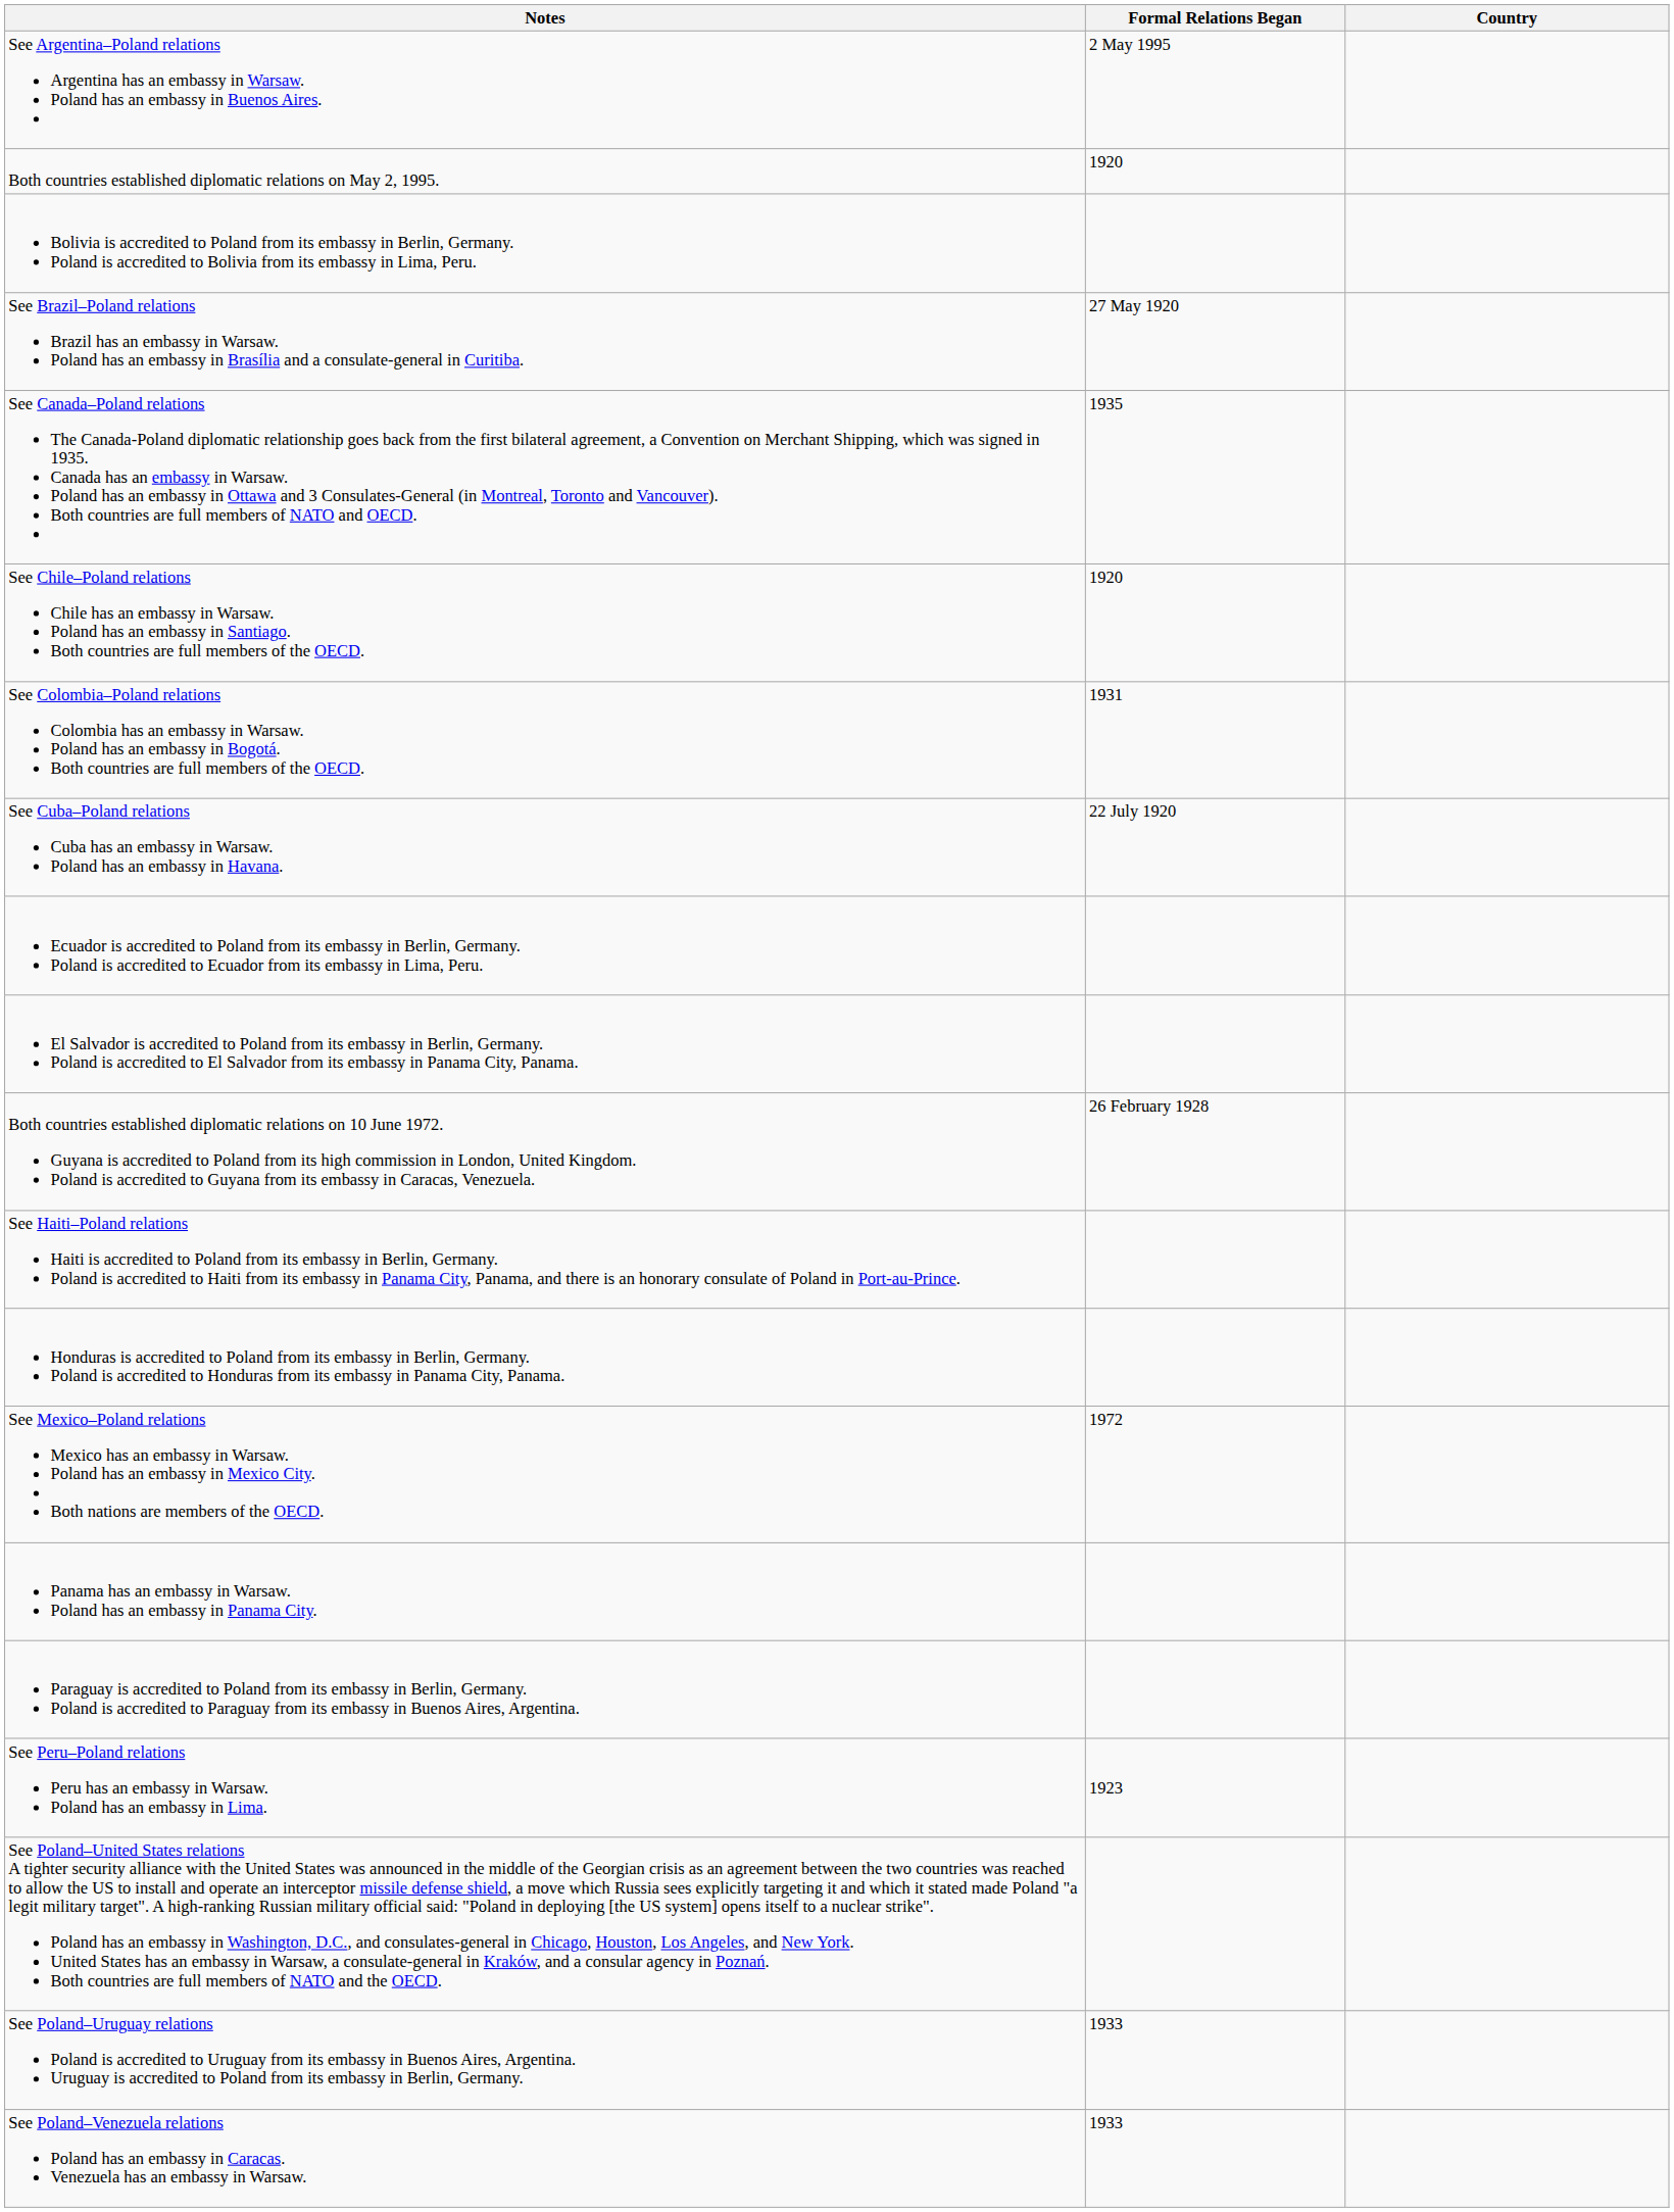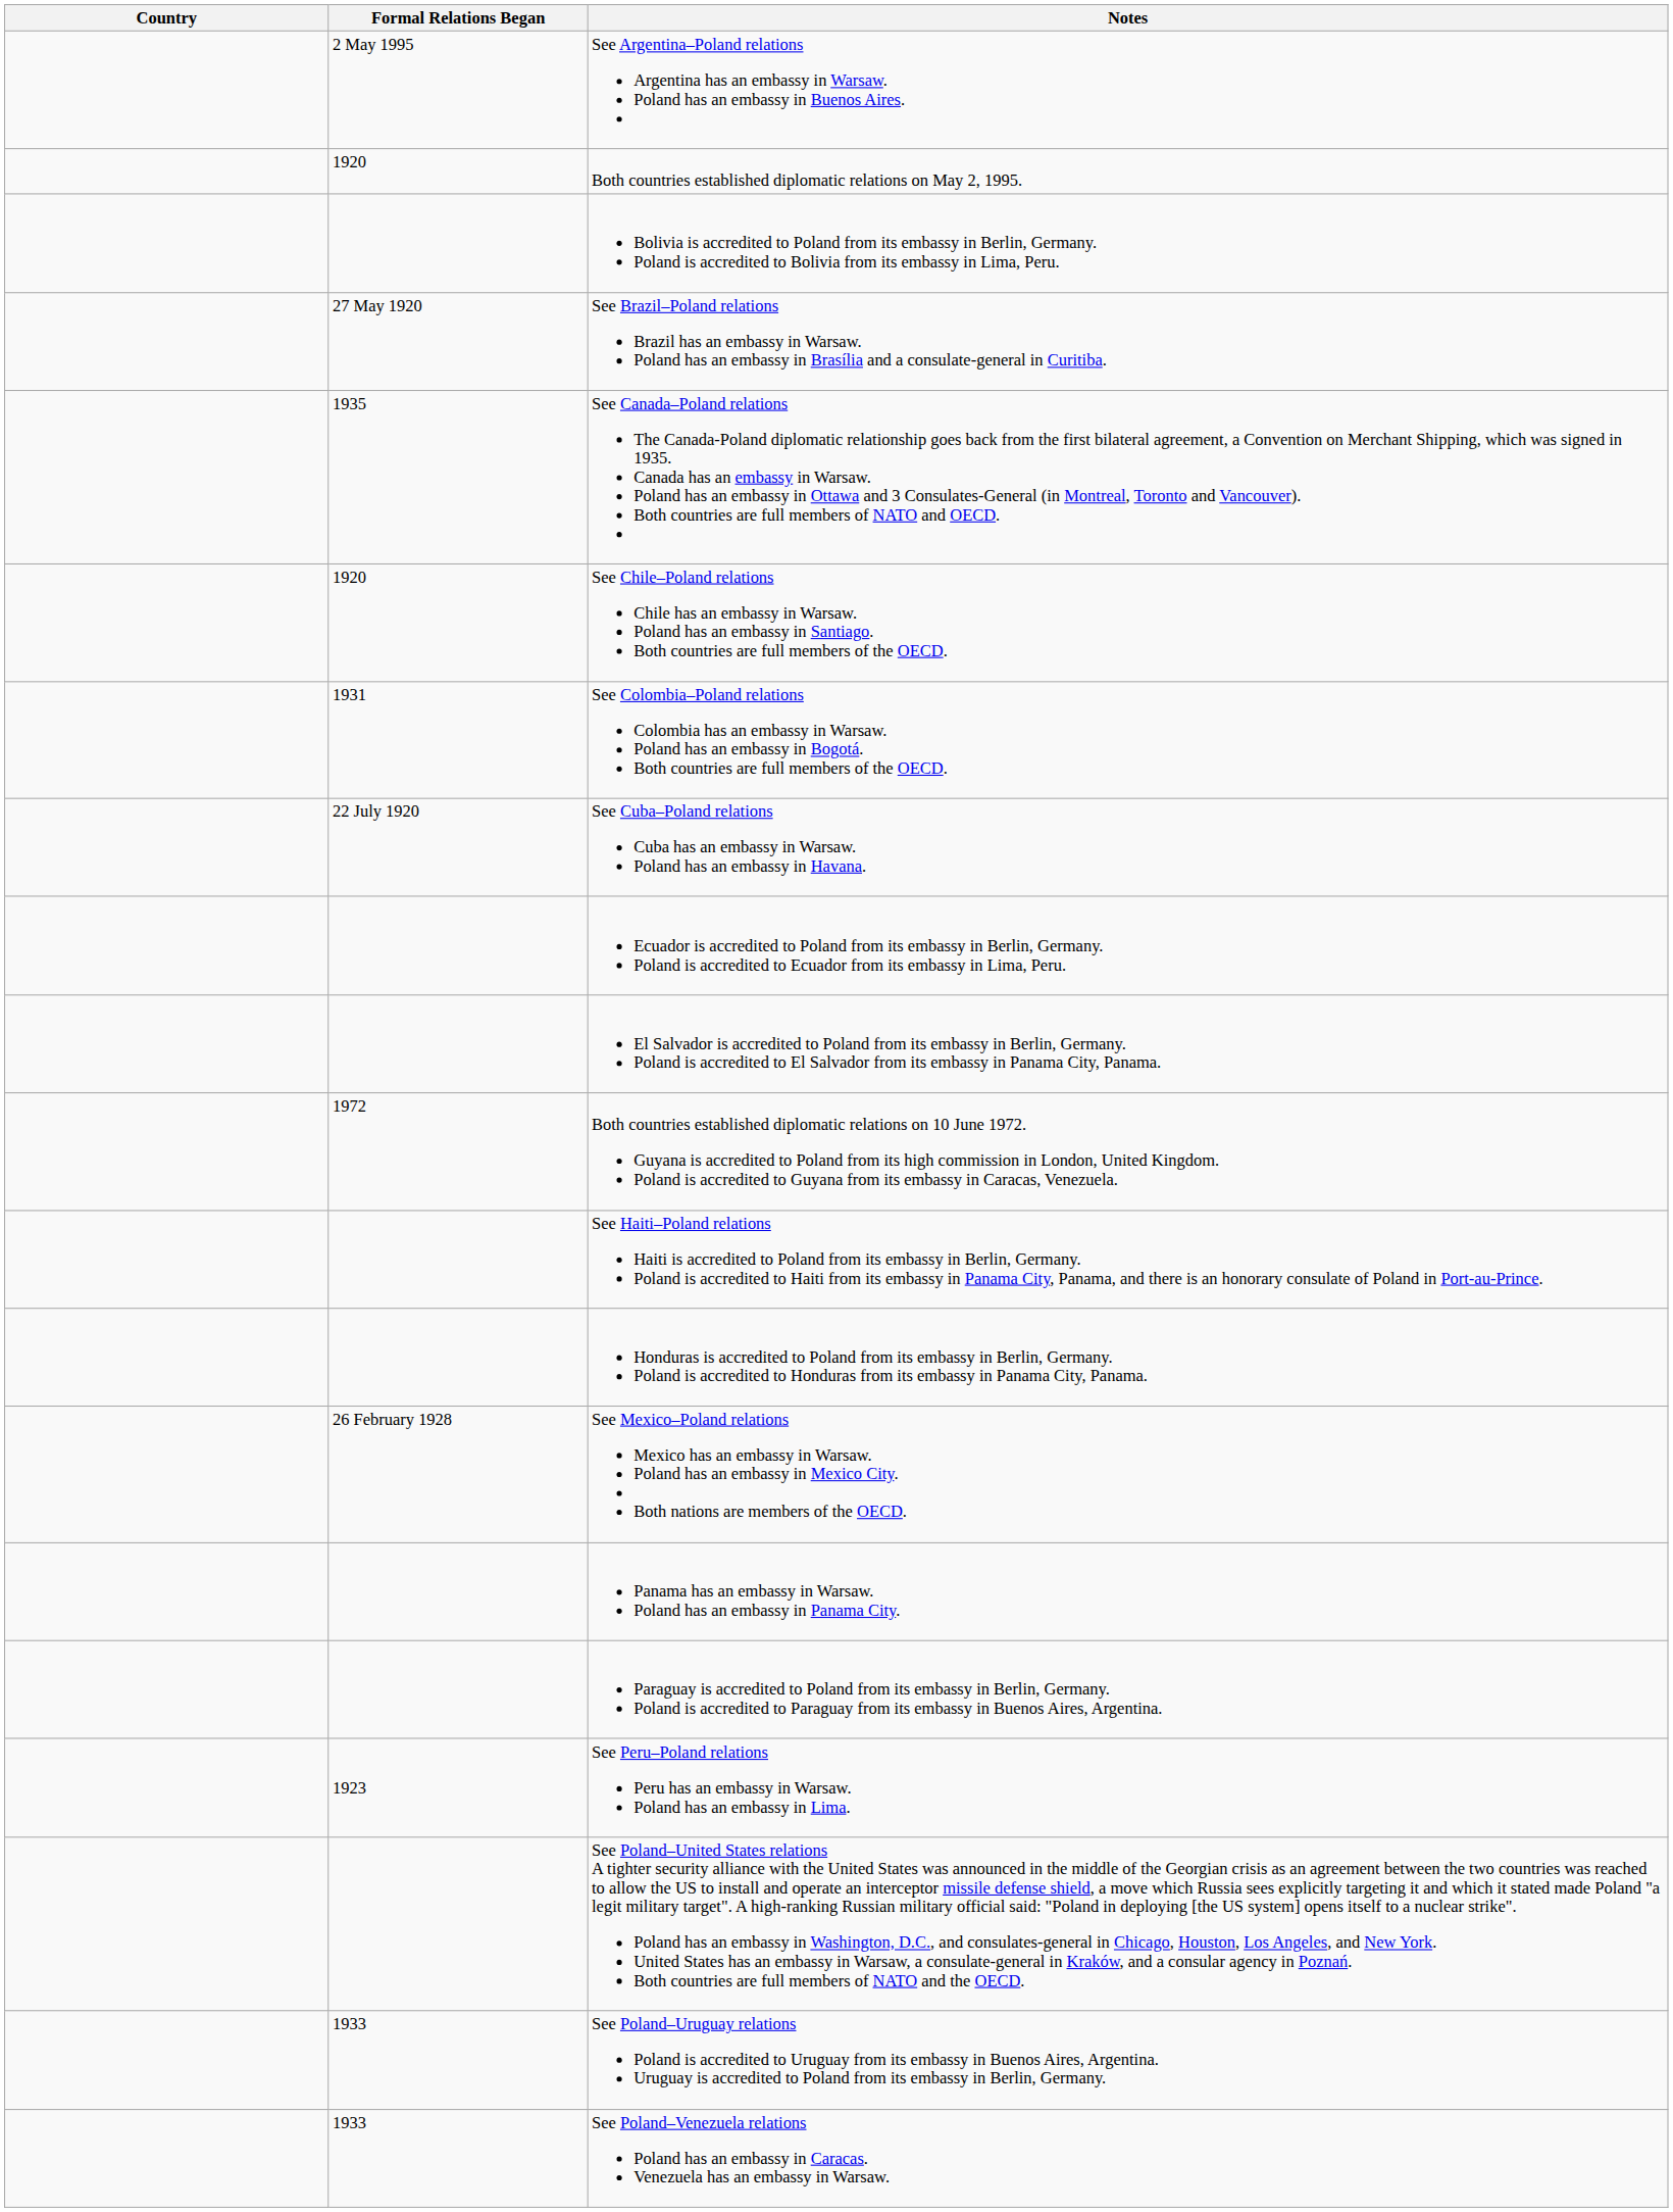 <table class="wikitable sortable" style="width:100%; margin:auto;">
 <tr g>
+<th style="width:15%;">Country</th>
+<th style="width:12%;">Formal Relations Began</th>
 <th style="width:50%;">Notes</th>
-<th style="width:12%;">Formal Relations Began</th>
-<th style="width:15%;">Country</th>
 </tr>
 <tr valign="top">
+<td></td>
+<td>2 May 1995</td>
 <td>See <a href='#'>Argentina–Poland relations</a><br><ul><li>Argentina has an embassy in <a href='#'>Warsaw</a>.</li><li>Poland has an embassy in <a href='#'>Buenos Aires</a>.</li><li></li></ul></td>
-<td>2 May 1995</td>
-<td></td>
 </tr>
 <tr valign="top">
+<td></td>
+<td>1920</td>
 <td><br>Both countries established diplomatic relations on May 2, 1995.</td>
-<td>1920</td>
-<td></td>
 </tr>
 <tr valign="top">
-<td><br><ul><li>Bolivia is accredited to Poland from its embassy in Berlin, Germany.</li><li>Poland is accredited to Bolivia from its embassy in Lima, Peru.</li></ul></td>
 <td></td>
 <td></td>
+<td><br><ul><li>Bolivia is accredited to Poland from its embassy in Berlin, Germany.</li><li>Poland is accredited to Bolivia from its embassy in Lima, Peru.</li></ul></td>
 </tr>
 <tr valign="top">
+<td></td>
+<td>27 May 1920</td>
 <td>See <a href='#'>Brazil–Poland relations</a><br><ul><li>Brazil has an embassy in Warsaw.</li><li>Poland has an embassy in <a href='#'>Brasília</a> and a consulate-general in <a href='#'>Curitiba</a>.</li></ul></td>
-<td>27 May 1920</td>
-<td></td>
 </tr>
 <tr valign="top">
+<td></td>
+<td>1935</td>
 <td>See <a href='#'>Canada–Poland relations</a><br><ul><li>The Canada-Poland diplomatic relationship goes back from the first bilateral agreement, a Convention on Merchant Shipping, which was signed in 1935.</li><li>Canada has an <a href='#'>embassy</a> in Warsaw.</li><li>Poland has an embassy in <a href='#'>Ottawa</a> and 3 Consulates-General (in <a href='#'>Montreal</a>, <a href='#'>Toronto</a> and <a href='#'>Vancouver</a>).</li><li>Both countries are full members of <a href='#'>NATO</a> and <a href='#'>OECD</a>.</li><li></li></ul></td>
-<td>1935</td>
-<td></td>
 </tr>
 <tr valign="top">
+<td></td>
+<td>1920</td>
 <td>See <a href='#'>Chile–Poland relations</a><br><ul><li>Chile has an embassy in Warsaw.</li><li>Poland has an embassy in <a href='#'>Santiago</a>.</li><li>Both countries are full members of the <a href='#'>OECD</a>.</li></ul></td>
-<td>1920</td>
-<td></td>
 </tr>
 <tr valign="top">
+<td></td>
+<td>1931</td>
 <td>See <a href='#'>Colombia–Poland relations</a><br><ul><li>Colombia has an embassy in Warsaw.</li><li>Poland has an embassy in <a href='#'>Bogotá</a>.</li><li>Both countries are full members of the <a href='#'>OECD</a>.</li></ul></td>
-<td>1931</td>
-<td></td>
 </tr>
 <tr valign="top">
+<td></td>
+<td>22 July 1920</td>
 <td>See <a href='#'>Cuba–Poland relations</a><br><ul><li>Cuba has an embassy in Warsaw.</li><li>Poland has an embassy in <a href='#'>Havana</a>.</li></ul></td>
-<td>22 July 1920</td>
-<td></td>
 </tr>
 <tr valign="top">
-<td><br><ul><li>Ecuador is accredited to Poland from its embassy in Berlin, Germany.</li><li>Poland is accredited to Ecuador from its embassy in Lima, Peru.</li></ul></td>
 <td></td>
 <td></td>
+<td><br><ul><li>Ecuador is accredited to Poland from its embassy in Berlin, Germany.</li><li>Poland is accredited to Ecuador from its embassy in Lima, Peru.</li></ul></td>
 </tr>
 <tr valign="top">
-<td><br><ul><li>El Salvador is accredited to Poland from its embassy in Berlin, Germany.</li><li>Poland is accredited to El Salvador from its embassy in Panama City, Panama.</li></ul></td>
 <td></td>
 <td></td>
+<td><br><ul><li>El Salvador is accredited to Poland from its embassy in Berlin, Germany.</li><li>Poland is accredited to El Salvador from its embassy in Panama City, Panama.</li></ul></td>
 </tr>
 <tr valign="top">
+<td></td>
+<td>1972</td>
 <td><br>Both countries established diplomatic relations on 10 June 1972.<ul><li>Guyana is accredited to Poland from its high commission in London, United Kingdom.</li><li>Poland is accredited to Guyana from its embassy in Caracas, Venezuela.</li></ul></td>
-<td>26 February 1928</td>
-<td></td>
 </tr>
 <tr valign="top">
-<td>See <a href='#'>Haiti–Poland relations</a><br><ul><li>Haiti is accredited to Poland from its embassy in Berlin, Germany.</li><li>Poland is accredited to Haiti from its embassy in <a href='#'>Panama City</a>, Panama, and there is an honorary consulate of Poland in <a href='#'>Port-au-Prince</a>.</li></ul></td>
 <td></td>
 <td></td>
+<td>See <a href='#'>Haiti–Poland relations</a><br><ul><li>Haiti is accredited to Poland from its embassy in Berlin, Germany.</li><li>Poland is accredited to Haiti from its embassy in <a href='#'>Panama City</a>, Panama, and there is an honorary consulate of Poland in <a href='#'>Port-au-Prince</a>.</li></ul></td>
 </tr>
 <tr valign="top">
-<td><br><ul><li>Honduras is accredited to Poland from its embassy in Berlin, Germany.</li><li>Poland is accredited to Honduras from its embassy in Panama City, Panama.</li></ul></td>
 <td></td>
 <td></td>
+<td><br><ul><li>Honduras is accredited to Poland from its embassy in Berlin, Germany.</li><li>Poland is accredited to Honduras from its embassy in Panama City, Panama.</li></ul></td>
 </tr>
 <tr valign="top">
+<td></td>
+<td>26 February 1928</td>
 <td>See <a href='#'>Mexico–Poland relations</a><br><ul><li>Mexico has an embassy in Warsaw.</li><li>Poland has an embassy in <a href='#'>Mexico City</a>.</li><li> </li><li>Both nations are members of the <a href='#'>OECD</a>.</li></ul></td>
-<td>1972</td>
-<td></td>
 </tr>
 <tr valign="top">
-<td><br><ul><li>Panama has an embassy in Warsaw.</li><li>Poland has an embassy in <a href='#'>Panama City</a>.</li></ul></td>
 <td></td>
 <td></td>
+<td><br><ul><li>Panama has an embassy in Warsaw.</li><li>Poland has an embassy in <a href='#'>Panama City</a>.</li></ul></td>
 </tr>
 <tr valign="top">
-<td><br><ul><li>Paraguay is accredited to Poland from its embassy in Berlin, Germany.</li><li>Poland is accredited to Paraguay from its embassy in Buenos Aires, Argentina.</li></ul></td>
 <td></td>
 <td></td>
+<td><br><ul><li>Paraguay is accredited to Poland from its embassy in Berlin, Germany.</li><li>Poland is accredited to Paraguay from its embassy in Buenos Aires, Argentina.</li></ul></td>
 </tr>
 <tr -valign="top">
+<td></td>
+<td>1923</td>
 <td>See <a href='#'>Peru–Poland relations</a><br><ul><li>Peru has an embassy in Warsaw.</li><li>Poland has an embassy in <a href='#'>Lima</a>.</li></ul></td>
-<td>1923</td>
-<td></td>
 </tr>
 <tr valign="top">
-<td>See <a href='#'>Poland–United States relations</a><br>A tighter security alliance with the United States was announced in the middle of the Georgian crisis as an agreement between the two countries was reached to allow the US to install and operate an interceptor <a href='#'>missile defense shield</a>, a move which Russia sees explicitly targeting it and which it stated made Poland "a legit military target". A high-ranking Russian military official said: "Poland in deploying [the US system] opens itself to a nuclear strike".<ul><li>Poland has an embassy in <a href='#'>Washington, D.C.</a>, and consulates-general in <a href='#'>Chicago</a>, <a href='#'>Houston</a>, <a href='#'>Los Angeles</a>, and <a href='#'>New York</a>.</li><li>United States has an embassy in Warsaw, a consulate-general in <a href='#'>Kraków</a>, and a consular agency in <a href='#'>Poznań</a>.</li><li>Both countries are full members of <a href='#'>NATO</a> and the <a href='#'>OECD</a>.</li></ul></td>
 <td></td>
 <td></td>
+<td>See <a href='#'>Poland–United States relations</a><br>A tighter security alliance with the United States was announced in the middle of the Georgian crisis as an agreement between the two countries was reached to allow the US to install and operate an interceptor <a href='#'>missile defense shield</a>, a move which Russia sees explicitly targeting it and which it stated made Poland "a legit military target". A high-ranking Russian military official said: "Poland in deploying [the US system] opens itself to a nuclear strike".<ul><li>Poland has an embassy in <a href='#'>Washington, D.C.</a>, and consulates-general in <a href='#'>Chicago</a>, <a href='#'>Houston</a>, <a href='#'>Los Angeles</a>, and <a href='#'>New York</a>.</li><li>United States has an embassy in Warsaw, a consulate-general in <a href='#'>Kraków</a>, and a consular agency in <a href='#'>Poznań</a>.</li><li>Both countries are full members of <a href='#'>NATO</a> and the <a href='#'>OECD</a>.</li></ul></td>
 </tr>
 <tr valign="top">
+<td></td>
+<td>1933</td>
 <td>See <a href='#'>Poland–Uruguay relations</a><br><ul><li>Poland is accredited to Uruguay from its embassy in Buenos Aires, Argentina.</li><li>Uruguay is accredited to Poland from its embassy in Berlin, Germany.</li></ul></td>
-<td>1933</td>
-<td></td>
 </tr>
 <tr valign="top">
+<td></td>
+<td>1933</td>
 <td>See <a href='#'>Poland–Venezuela relations</a><br><ul><li>Poland has an embassy in <a href='#'>Caracas</a>.</li><li>Venezuela has an embassy in Warsaw.</li></ul></td>
-<td>1933</td>
-<td></td>
 </tr>
 </table>
